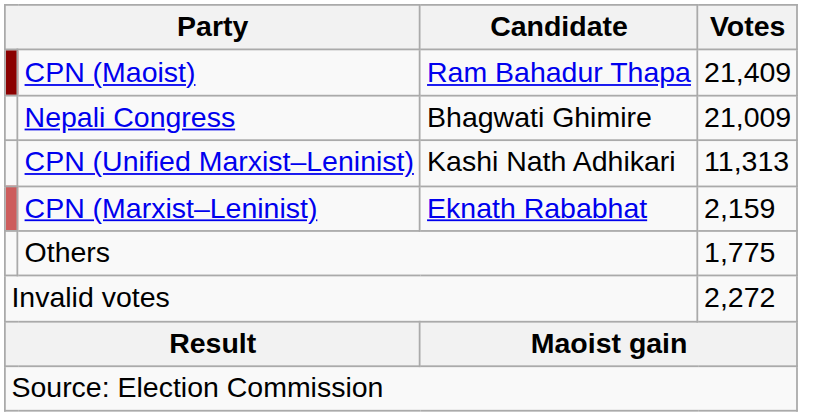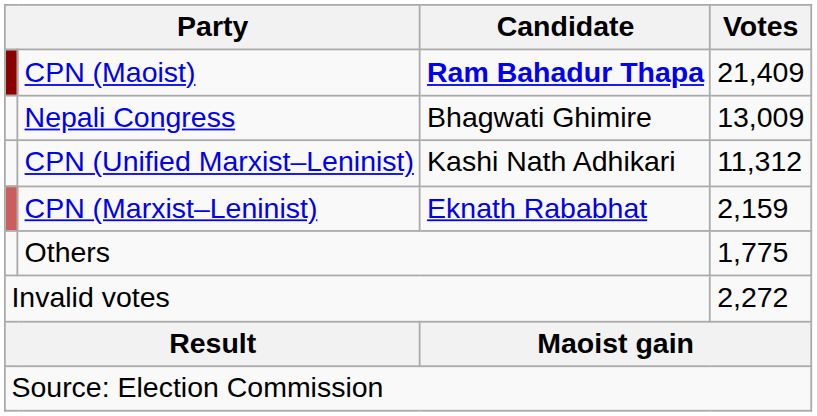 <table class="wikitable">
 <tr>
 <th colspan="2">Party</th>
 <th>Candidate</th>
 <th>Votes</th>
 </tr>
 <tr>
 <td style="background-color:darkred"></td>
 <td><a href='#'>CPN (Maoist)</a></td>
-<td><a href='#'>Ram Bahadur Thapa</a></td>
+<td><strong><a href='#'>Ram Bahadur Thapa</a></strong></td>
 <td>21,409</td>
 </tr>
 <tr>
 <td style="background-color:"></td>
 <td><a href='#'>Nepali Congress</a></td>
 <td>Bhagwati Ghimire</td>
-<td>21,009</td>
+<td>13,009</td>
 </tr>
 <tr>
 <td style="background-color:"></td>
 <td><a href='#'>CPN (Unified Marxist–Leninist)</a></td>
 <td>Kashi Nath Adhikari</td>
-<td>11,313</td>
+<td>11,312</td>
 </tr>
 <tr>
 <td style="background-color:indianred"></td>
 <td><a href='#'>CPN (Marxist–Leninist)</a></td>
 <td><a href='#'>Eknath Rababhat</a></td>
 <td>2,159</td>
 </tr>
 <tr>
 <td></td>
 <td colspan="2">Others</td>
 <td>1,775</td>
 </tr>
 <tr>
 <td colspan="3">Invalid votes</td>
 <td>2,272</td>
 </tr>
 <tr>
 <th colspan="2">Result</th>
 <th colspan="2">Maoist gain</th>
 </tr>
 <tr>
 <td colspan="4">Source: Election Commission</td>
 </tr>
 </table>
